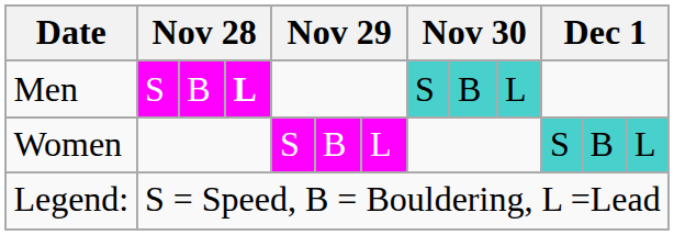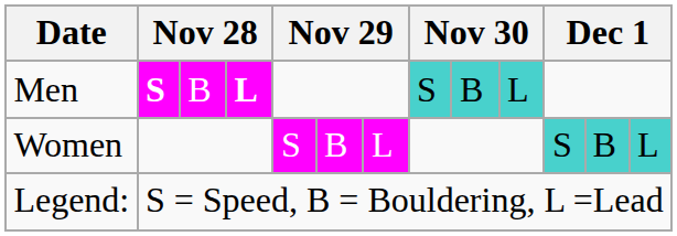 <table class="wikitable">
 <tr>
 <th>Date</th>
 <th colspan="3">Nov 28</th>
 <th colspan="3">Nov 29</th>
 <th colspan="3">Nov 30</th>
 <th colspan="3">Dec 1</th>
 </tr>
 <tr>
 <td>Men</td>
-<td style="background-color: #f0f; color: white;">S </td>
+<td style="background-color: #f0f; color: white;"><strong>S </strong></td>
 <td style="background-color: #f0f; color: white;">B </td>
 <td style="background-color: #f0f; color: white;"><strong>L </strong></td>
 <td colspan="3"></td>
 <td bgcolor="#48D1CC">S </td>
 <td bgcolor="#48D1CC">B </td>
 <td bgcolor="#48D1CC">L </td>
 <td colspan="3"></td>
 </tr>
 <tr>
 <td>Women</td>
 <td colspan="3"></td>
 <td style="background-color: #f0f; color: white;">S </td>
 <td style="background-color: #f0f; color: white;">B </td>
 <td style="background-color: #f0f; color: white;">L </td>
 <td colspan="3"></td>
 <td bgcolor="#48D1CC">S </td>
 <td bgcolor="#48D1CC">B </td>
 <td bgcolor="#48D1CC">L </td>
 </tr>
 <tr>
 <td class="event">Legend:</td>
 <td colspan="12">S = Speed, B = Bouldering, L =Lead</td>
 </tr>
 </table>
